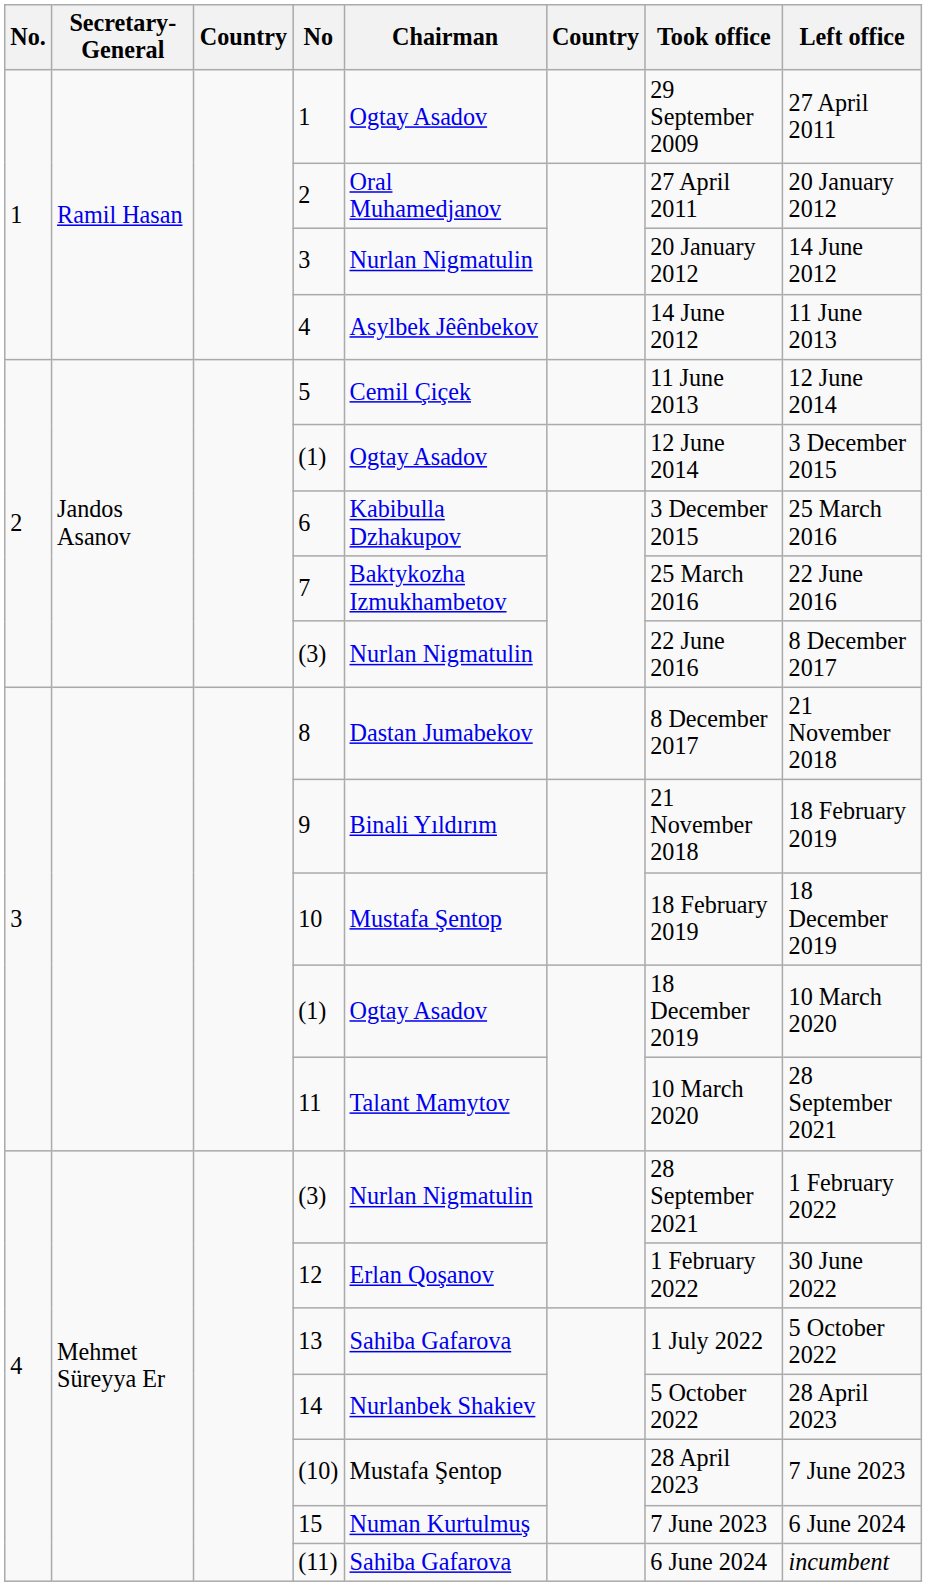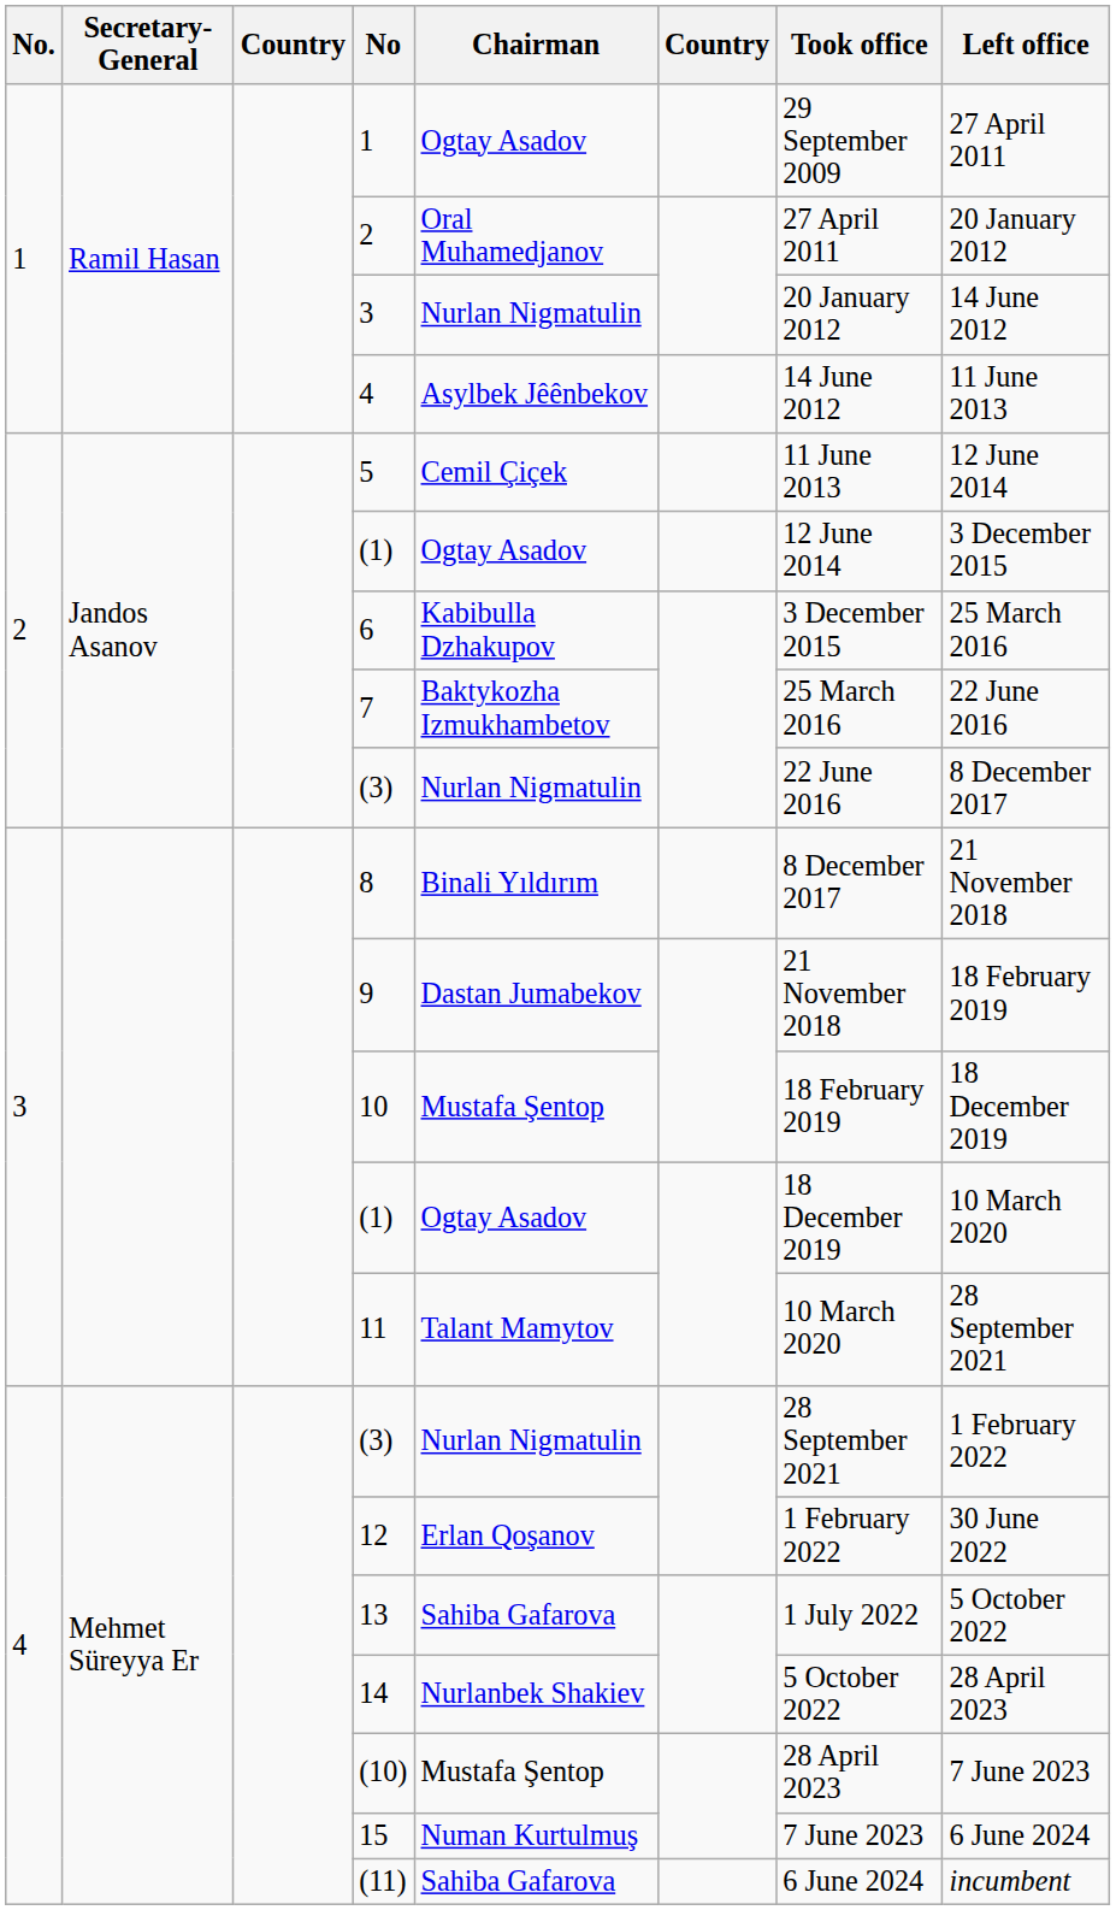 <table class="wikitable">
 <tr>
 <th>No.</th>
 <th>Secretary-General</th>
 <th>Country</th>
 <th>No</th>
 <th>Chairman</th>
 <th>Country</th>
 <th>Took office</th>
 <th>Left office</th>
 </tr>
 <tr>
 <td rowspan="4">1</td>
 <td rowspan="4"><a href='#'>Ramil Hasan</a></td>
 <td rowspan="4"></td>
 <td>1</td>
 <td><a href='#'>Ogtay Asadov</a></td>
 <td></td>
 <td>29 September 2009</td>
 <td>27 April 2011</td>
 </tr>
 <tr>
 <td>2</td>
 <td><a href='#'>Oral Muhamedjanov</a></td>
 <td rowspan="2"></td>
 <td>27 April 2011</td>
 <td>20 January 2012</td>
 </tr>
 <tr>
 <td>3</td>
 <td><a href='#'>Nurlan Nigmatulin</a></td>
 <td>20 January 2012</td>
 <td>14 June 2012</td>
 </tr>
 <tr>
 <td>4</td>
 <td><a href='#'>Asylbek Jêênbekov</a></td>
 <td></td>
 <td>14 June 2012</td>
 <td>11 June 2013</td>
 </tr>
 <tr>
 <td rowspan="5">2</td>
 <td rowspan="5">Jandos Asanov</td>
 <td rowspan="5"></td>
 <td>5</td>
 <td><a href='#'>Cemil Çiçek</a></td>
 <td></td>
 <td>11 June 2013</td>
 <td>12 June 2014</td>
 </tr>
 <tr>
 <td>(1)</td>
 <td><a href='#'>Ogtay Asadov</a></td>
 <td></td>
 <td>12 June 2014</td>
 <td>3 December 2015</td>
 </tr>
 <tr>
 <td>6</td>
 <td><a href='#'>Kabibulla Dzhakupov</a></td>
 <td rowspan="3"></td>
 <td>3 December 2015</td>
 <td>25 March 2016</td>
 </tr>
 <tr>
 <td>7</td>
 <td><a href='#'>Baktykozha Izmukhambetov</a></td>
 <td>25 March 2016</td>
 <td>22 June 2016</td>
 </tr>
 <tr>
 <td>(3)</td>
 <td><a href='#'>Nurlan Nigmatulin</a></td>
 <td>22 June 2016</td>
 <td>8 December 2017</td>
 </tr>
 <tr>
 <td rowspan="5">3</td>
 <td rowspan="5"></td>
 <td rowspan="5"></td>
 <td>8</td>
-<td><a href='#'>Dastan Jumabekov</a></td>
+<td><a href='#'>Binali Yıldırım</a></td>
 <td></td>
 <td>8 December 2017</td>
 <td>21 November 2018</td>
 </tr>
 <tr>
 <td>9</td>
-<td><a href='#'>Binali Yıldırım</a></td>
+<td><a href='#'>Dastan Jumabekov</a></td>
 <td rowspan="2"></td>
 <td>21 November 2018</td>
 <td>18 February 2019</td>
 </tr>
 <tr>
 <td>10</td>
 <td><a href='#'>Mustafa Şentop</a></td>
 <td>18 February 2019</td>
 <td>18 December 2019</td>
 </tr>
 <tr>
 <td>(1)</td>
 <td><a href='#'>Ogtay Asadov</a></td>
 <td rowspan="2"></td>
 <td>18 December 2019</td>
 <td>10 March 2020</td>
 </tr>
 <tr>
 <td>11</td>
 <td><a href='#'>Talant Mamytov</a></td>
 <td>10 March 2020</td>
 <td>28 September 2021</td>
 </tr>
 <tr>
 <td rowspan="7">4</td>
 <td rowspan="7">Mehmet Süreyya Er</td>
 <td rowspan="7"></td>
 <td>(3)</td>
 <td><a href='#'>Nurlan Nigmatulin</a></td>
 <td rowspan="2"></td>
 <td>28 September 2021</td>
 <td>1 February 2022</td>
 </tr>
 <tr>
 <td>12</td>
 <td><a href='#'>Erlan Qoşanov</a></td>
 <td>1 February 2022</td>
 <td>30 June 2022</td>
 </tr>
 <tr>
 <td>13</td>
 <td><a href='#'>Sahiba Gafarova</a></td>
 <td rowspan="2"></td>
 <td>1 July 2022</td>
 <td>5 October 2022</td>
 </tr>
 <tr>
 <td>14</td>
 <td><a href='#'>Nurlanbek Shakiev</a></td>
 <td>5 October 2022</td>
 <td>28 April 2023</td>
 </tr>
 <tr>
 <td>(10)</td>
 <td>Mustafa Şentop</td>
 <td rowspan="2"></td>
 <td>28 April 2023</td>
 <td>7 June 2023</td>
 </tr>
 <tr>
 <td>15</td>
 <td><a href='#'>Numan Kurtulmuş</a></td>
 <td>7 June 2023</td>
 <td>6 June 2024</td>
 </tr>
 <tr>
 <td>(11)</td>
 <td><a href='#'>Sahiba Gafarova</a></td>
 <td></td>
 <td>6 June 2024</td>
 <td><em>incumbent</em></td>
 </tr>
 </table>
